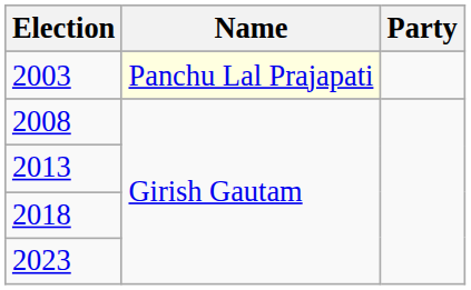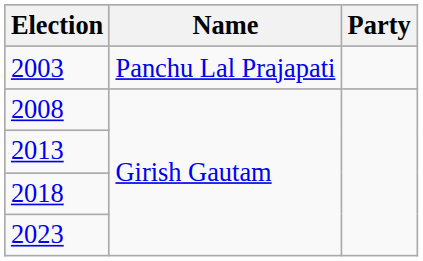 <table class="wikitable sortable">
 <tr>
 <th>Election</th>
 <th>Name</th>
 <th colspan=2>Party</th>
 </tr>
 <tr>
 <td><a href='#'>2003</a></td>
-<td style="background: lightyellow;"><a href='#'>Panchu Lal Prajapati</a></td>
+<td><a href='#'>Panchu Lal Prajapati</a></td>
 <td></td>
 </tr>
 <tr>
 <td><a href='#'>2008</a></td>
 <td rowspan=4><a href='#'>Girish Gautam</a></td>
 </tr>
 <tr>
 <td><a href='#'>2013</a></td>
 </tr>
 <tr>
 <td><a href='#'>2018</a></td>
 </tr>
 <tr>
 <td><a href='#'>2023</a></td>
 </tr>
 </table>
